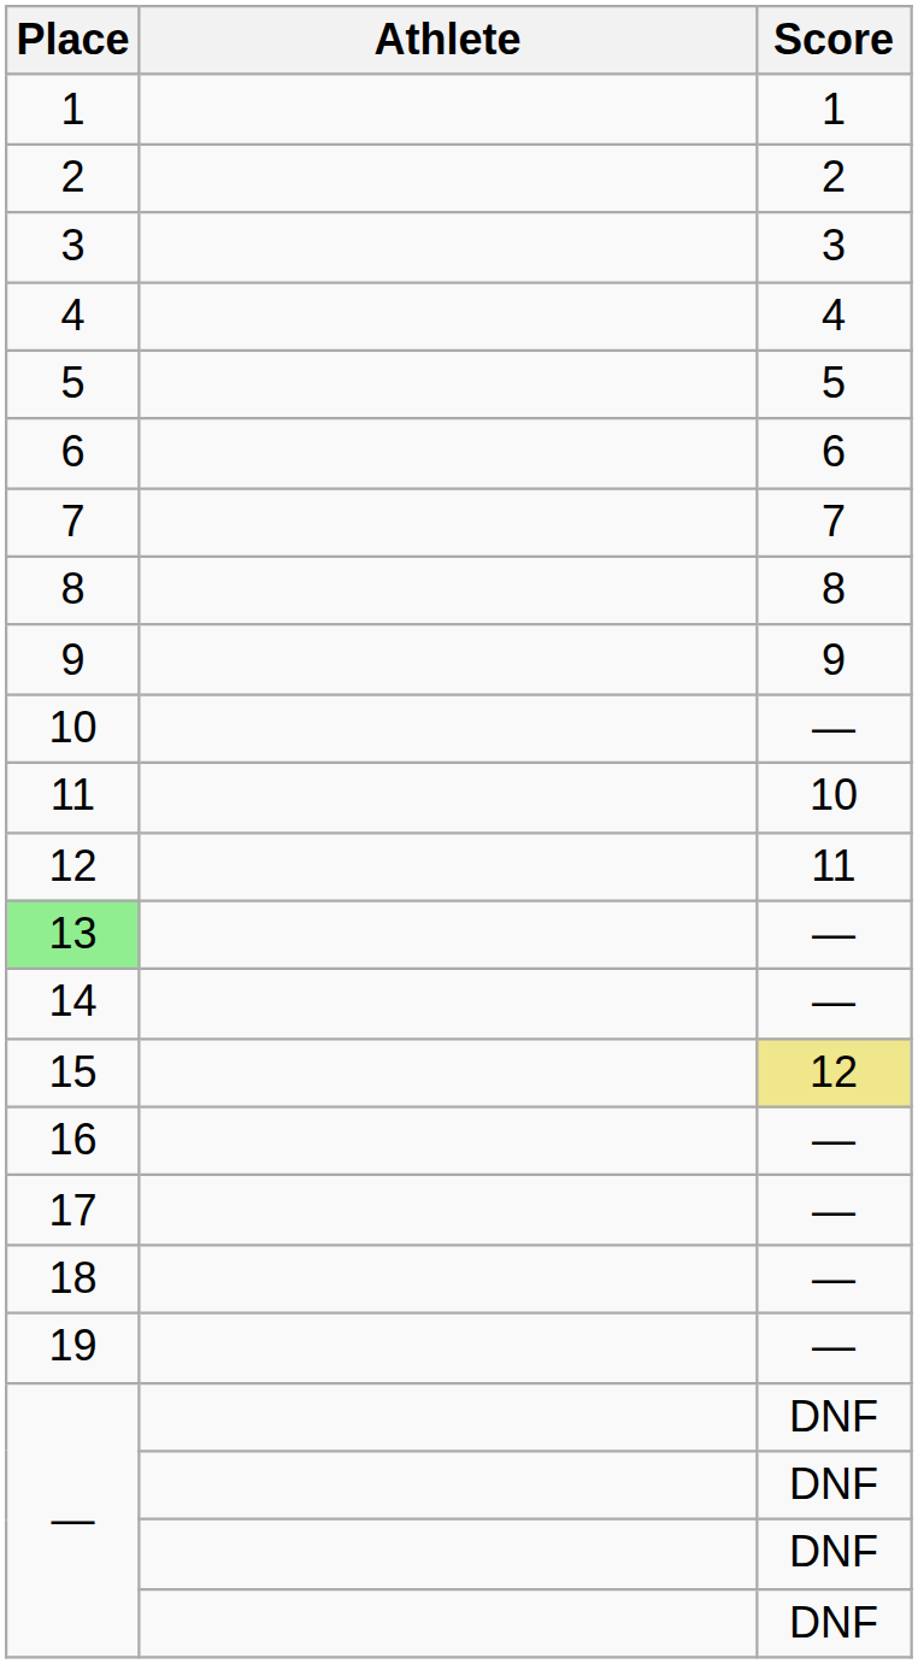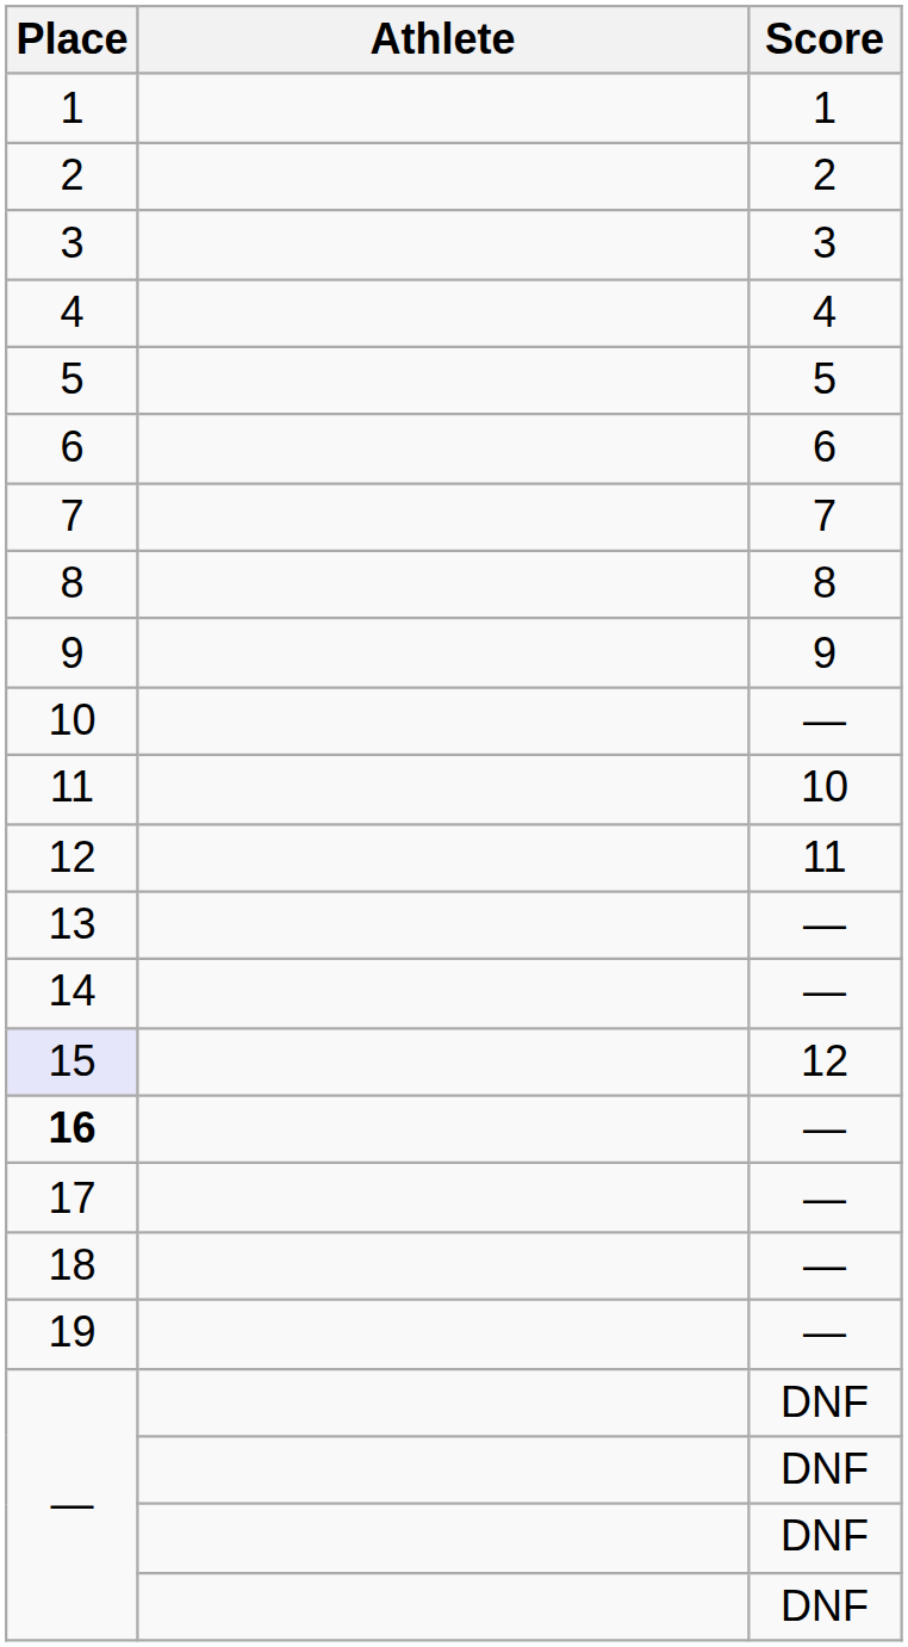 <table class=wikitable style="text-align:center">
 <tr>
 <th width=20>Place</th>
 <th width=220>Athlete</th>
 <th width=50>Score</th>
 </tr>
 <tr>
 <td>1</td>
 <td align=left></td>
 <td>1</td>
 </tr>
 <tr>
 <td>2</td>
 <td align=left></td>
 <td>2</td>
 </tr>
 <tr>
 <td>3</td>
 <td align=left></td>
 <td>3</td>
 </tr>
 <tr>
 <td>4</td>
 <td align=left></td>
 <td>4</td>
 </tr>
 <tr>
 <td>5</td>
 <td align=left></td>
 <td>5</td>
 </tr>
 <tr>
 <td>6</td>
 <td align=left></td>
 <td>6</td>
 </tr>
 <tr>
 <td>7</td>
 <td align=left></td>
 <td>7</td>
 </tr>
 <tr>
 <td>8</td>
 <td align=left></td>
 <td>8</td>
 </tr>
 <tr>
 <td>9</td>
 <td align=left></td>
 <td>9</td>
 </tr>
 <tr>
 <td>10</td>
 <td align=left><em></em></td>
 <td>—</td>
 </tr>
 <tr>
 <td>11</td>
 <td align=left></td>
 <td>10</td>
 </tr>
 <tr>
 <td>12</td>
 <td align=left></td>
 <td>11</td>
 </tr>
 <tr>
-<td style="background: lightgreen;">13</td>
+<td>13</td>
 <td align=left><em></em></td>
 <td>—</td>
 </tr>
 <tr>
 <td>14</td>
 <td align=left><em></em></td>
 <td>—</td>
 </tr>
 <tr>
-<td>15</td>
+<td style="background: lavender;">15</td>
 <td align=left></td>
-<td style="background: khaki;">12</td>
+<td>12</td>
 </tr>
 <tr>
-<td>16</td>
+<td><strong>16</strong></td>
 <td align=left><em></em></td>
 <td>—</td>
 </tr>
 <tr>
 <td>17</td>
 <td align=left><em></em></td>
 <td>—</td>
 </tr>
 <tr>
 <td>18</td>
 <td align=left><em></em></td>
 <td>—</td>
 </tr>
 <tr>
 <td>19</td>
 <td align=left><em></em></td>
 <td>—</td>
 </tr>
 <tr>
 <td rowspan=4>—</td>
 <td align=left><em></em></td>
 <td>DNF</td>
 </tr>
 <tr>
 <td align=left><em></em></td>
 <td>DNF</td>
 </tr>
 <tr>
 <td align=left><em></em></td>
 <td>DNF</td>
 </tr>
 <tr>
 <td align=left><em></em></td>
 <td>DNF</td>
 </tr>
 </table>
